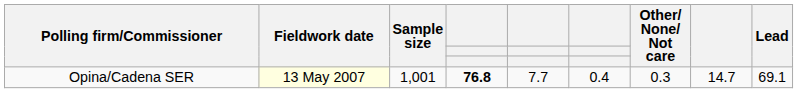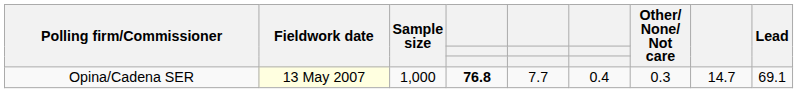 <table class="wikitable collapsible collapsed" style="text-align:center; font-size:90%; line-height:14px;">
 <tr style="height:42px;">
 <th style="width:250px;" rowspan="3">Polling firm/Commissioner</th>
 <th style="width:125px;" rowspan="3">Fieldwork date</th>
 <th style="width:50px;" rowspan="3">Sample size</th>
 <th style="width:55px;"></th>
 <th style="width:55px;"></th>
 <th style="width:55px;"></th>
 <th style="width:55px;" rowspan="3">Other/<br>None/<br>Not<br>care</th>
 <th style="width:55px;" rowspan="3"></th>
 <th style="width:30px;" rowspan="3">Lead</th>
 </tr>
 <tr>
 <th style="color:inherit;background:"></th>
 <th style="color:inherit;background:"></th>
 <th style="color:inherit;background:"></th>
 </tr>
 <tr>
 <th></th>
 <th></th>
 <th></th>
 </tr>
 <tr>
 <td>Opina/Cadena SER</td>
 <td style="background: lightyellow;">13 May 2007</td>
-<td>1,001</td>
+<td>1,000</td>
 <td><strong>76.8</strong></td>
 <td>7.7</td>
 <td>0.4</td>
 <td>0.3</td>
 <td>14.7</td>
 <td style="background:">69.1</td>
 </tr>
 </table>
